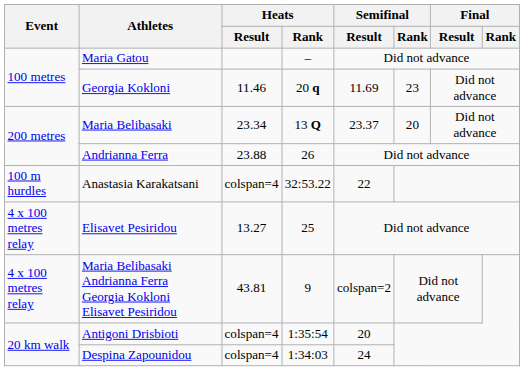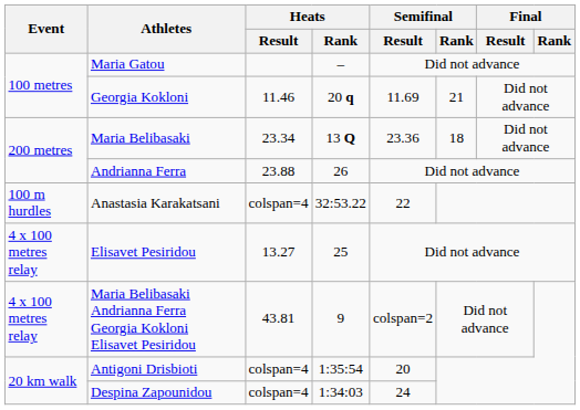 <table class="wikitable" border="1" style="font-size:90%">
 <tr>
 <th rowspan="2" width=75>Event</th>
 <th rowspan="2" width=150>Athletes</th>
 <th colspan="2">Heats</th>
 <th colspan="2">Semifinal</th>
 <th colspan="2">Final</th>
 </tr>
 <tr>
 <th width=50>Result</th>
 <th width=30>Rank</th>
 <th width=50>Result</th>
 <th width=30>Rank</th>
 <th width=50>Result</th>
 <th width=30>Rank</th>
 </tr>
 <tr>
 <td rowspan=2><a href='#'>100 metres</a></td>
 <td><a href='#'>Maria Gatou</a></td>
 <td align=center></td>
 <td align=center>–</td>
 <td colspan=4 align=center>Did not advance</td>
 </tr>
 <tr>
 <td><a href='#'>Georgia Kokloni</a></td>
 <td align=center>11.46</td>
 <td align=center>20 <strong>q</strong></td>
 <td align=center>11.69</td>
-<td align=center>23</td>
+<td align=center>21</td>
 <td colspan=2 align=center>Did not advance</td>
 </tr>
 <tr>
 <td rowspan=2><a href='#'>200 metres</a></td>
 <td><a href='#'>Maria Belibasaki</a></td>
 <td align=center>23.34</td>
 <td align=center>13 <strong>Q</strong></td>
-<td align=center>23.37</td>
-<td align=center>20</td>
+<td align=center>23.36</td>
+<td align=center>18</td>
 <td colspan=2 align=center>Did not advance</td>
 </tr>
 <tr>
 <td><a href='#'>Andrianna Ferra</a></td>
 <td align=center>23.88</td>
 <td align=center>26</td>
 <td colspan=4 align=center>Did not advance</td>
 </tr>
 <tr>
 <td rowspan=1><a href='#'>100 m hurdles</a></td>
 <td>Anastasia Karakatsani</td>
 <td>colspan=4 </td>
 <td align=center>32:53.22</td>
 <td align=center>22</td>
 </tr>
 <tr>
 <td><a href='#'>4 x 100 metres<br>relay</a></td>
 <td><a href='#'>Elisavet Pesiridou</a></td>
 <td align=center>13.27</td>
 <td align=center>25</td>
 <td colspan=4 align=center>Did not advance</td>
 </tr>
 <tr>
 <td><a href='#'>4 x 100 metres<br>relay</a></td>
 <td><a href='#'>Maria Belibasaki</a><br><a href='#'>Andrianna Ferra</a><br><a href='#'>Georgia Kokloni</a><br><a href='#'>Elisavet Pesiridou</a></td>
 <td align=center>43.81</td>
 <td align=center>9</td>
 <td>colspan=2 </td>
 <td colspan=2 align=center>Did not advance</td>
 </tr>
 <tr>
 <td rowspan=2><a href='#'>20 km walk</a></td>
 <td><a href='#'>Antigoni Drisbioti</a></td>
 <td>colspan=4 </td>
 <td align=center>1:35:54</td>
 <td align=center>20</td>
 </tr>
 <tr>
 <td><a href='#'>Despina Zapounidou</a></td>
 <td>colspan=4 </td>
 <td align=center>1:34:03</td>
 <td align=center>24</td>
 </tr>
 </table>
